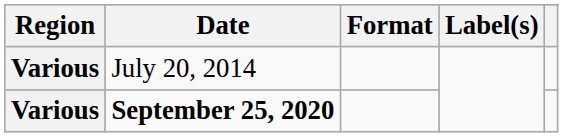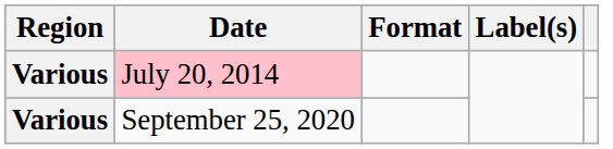 <table class="wikitable plainrowheaders">
 <tr>
 <th>Region</th>
 <th>Date</th>
 <th>Format</th>
 <th>Label(s)</th>
 <th></th>
 </tr>
 <tr>
 <th scope="row">Various</th>
-<td>July 20, 2014</td>
+<td style="background: pink;">July 20, 2014</td>
 <td></td>
 <td rowspan="2"></td>
 <td></td>
 </tr>
 <tr>
 <th scope="row">Various</th>
-<td><strong>September 25, 2020</strong></td>
+<td>September 25, 2020</td>
 <td></td>
 <td></td>
 </tr>
 </table>
